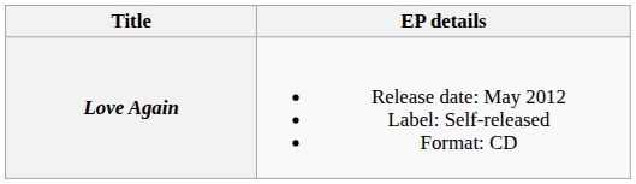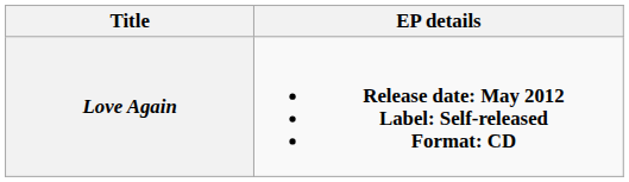 <table class="wikitable plainrowheaders" style="text-align:center;">
 <tr>
 <th style="width:12em;">Title</th>
 <th style="width:18em;">EP details</th>
 </tr>
 <tr>
 <th scope="row"><em>Love Again</em></th>
-<td><br><ul><li>Release date: May 2012</li><li>Label: Self-released</li><li>Format: CD</li></ul></td>
+<td><strong><br><ul><li>Release date: May 2012</li><li>Label: Self-released</li><li>Format: CD</li></ul></strong></td>
 </tr>
 </table>
